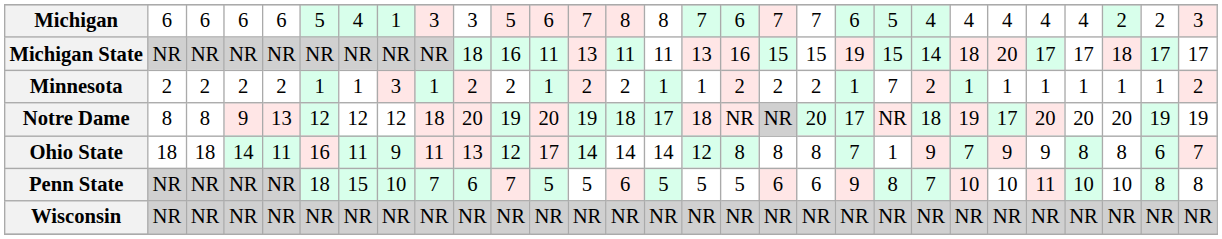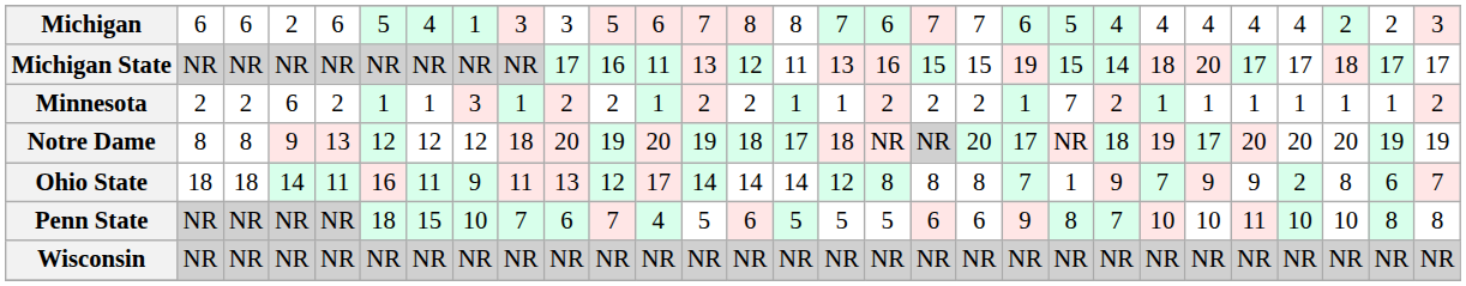 <table class="wikitable sortable" style="text-align: center;">
 <tr>
 </tr>
 <tr bgcolor=d0d0d0>
 <th>Michigan</th>
 <td bgcolor=ffffff>6</td>
 <td bgcolor=ffffff>6</td>
-<td bgcolor=ffffff>6</td>
+<td bgcolor=ffffff>2</td>
 <td bgcolor=ffffff>6</td>
 <td bgcolor=D8FFEB>5</td>
 <td bgcolor=D8FFEB>4</td>
 <td bgcolor=D8FFEB>1</td>
 <td bgcolor=FFE6E6>3</td>
 <td bgcolor=FFFFFF>3</td>
 <td bgcolor=FFE6E6>5</td>
 <td bgcolor=FFE6E6>6</td>
 <td bgcolor=FFE6E6>7</td>
 <td bgcolor=FFE6E6>8</td>
 <td bgcolor=FFFFFF>8</td>
 <td bgcolor=D8FFEB>7</td>
 <td bgcolor=D8FFEB>6</td>
 <td bgcolor=FFE6E6>7</td>
 <td bgcolor=FFFFFF>7</td>
 <td bgcolor=D8FFEB>6</td>
 <td bgcolor=D8FFEB>5</td>
 <td bgcolor=D8FFEB>4</td>
 <td bgcolor=FFFFFF>4</td>
 <td bgcolor=FFFFFF>4</td>
 <td bgcolor=FFFFFF>4</td>
 <td bgcolor=FFFFFF>4</td>
 <td bgcolor=D8FFEB>2</td>
 <td bgcolor=ffffff>2</td>
 <td bgcolor=FFE6E6>3</td>
 </tr>
 <tr bgcolor=d0d0d0>
 <th>Michigan State</th>
 <td>NR</td>
 <td>NR</td>
 <td>NR</td>
 <td>NR</td>
 <td>NR</td>
 <td>NR</td>
 <td>NR</td>
 <td>NR</td>
-<td bgcolor=D8FFEB>18</td>
+<td bgcolor=D8FFEB>17</td>
 <td bgcolor=D8FFEB>16</td>
 <td bgcolor=D8FFEB>11</td>
 <td bgcolor=FFE6E6>13</td>
-<td bgcolor=D8FFEB>11</td>
+<td bgcolor=D8FFEB>12</td>
 <td bgcolor=FFFFFF>11</td>
 <td bgcolor=FFE6E6>13</td>
 <td bgcolor=FFE6E6>16</td>
 <td bgcolor=D8FFEB>15</td>
 <td bgcolor=ffffff>15</td>
 <td bgcolor=FFE6E6>19</td>
 <td bgcolor=D8FFEB>15</td>
 <td bgcolor=D8FFEB>14</td>
 <td bgcolor=FFE6E6>18</td>
 <td bgcolor=FFE6E6>20</td>
 <td bgcolor=D8FFEB>17</td>
 <td bgcolor=FFFFFF>17</td>
 <td bgcolor=FFE6E6>18</td>
 <td bgcolor=D8FFEB>17</td>
 <td bgcolor=FFFFFF>17</td>
 </tr>
 <tr bgcolor=d0d0d0>
 <th>Minnesota</th>
 <td bgcolor=ffffff>2</td>
 <td bgcolor=ffffff>2</td>
-<td bgcolor=ffffff>2</td>
+<td bgcolor=ffffff>6</td>
 <td bgcolor=ffffff>2</td>
 <td bgcolor=D8FFEB>1</td>
 <td bgcolor=ffffff>1</td>
 <td bgcolor=FFE6E6>3</td>
 <td bgcolor=D8FFEB>1</td>
 <td bgcolor=FFE6E6>2</td>
 <td bgcolor=ffffff>2</td>
 <td bgcolor=D8FFEB>1</td>
 <td bgcolor=FFE6E6>2</td>
 <td bgcolor=ffffff>2</td>
 <td bgcolor=D8FFEB>1</td>
 <td bgcolor=ffffff>1</td>
 <td bgcolor=FFE6E6>2</td>
 <td bgcolor=ffffff>2</td>
 <td bgcolor=ffffff>2</td>
 <td bgcolor=D8FFEB>1</td>
 <td bgcolor=ffffff>7</td>
 <td bgcolor=FFE6E6>2</td>
 <td bgcolor=D8FFEB>1</td>
 <td bgcolor=ffffff>1</td>
 <td bgcolor=ffffff>1</td>
 <td bgcolor=ffffff>1</td>
 <td bgcolor=ffffff>1</td>
 <td bgcolor=ffffff>1</td>
 <td bgcolor=FFE6E6>2</td>
 </tr>
 <tr bgcolor=d0d0d0>
 <th>Notre Dame</th>
 <td bgcolor=ffffff>8</td>
 <td bgcolor=ffffff>8</td>
 <td bgcolor=FFE6E6>9</td>
 <td bgcolor=FFE6E6>13</td>
 <td bgcolor=D8FFEB>12</td>
 <td bgcolor=ffffff>12</td>
 <td bgcolor=ffffff>12</td>
 <td bgcolor=FFE6E6>18</td>
 <td bgcolor=FFE6E6>20</td>
 <td bgcolor=D8FFEB>19</td>
 <td bgcolor=FFE6E6>20</td>
 <td bgcolor=D8FFEB>19</td>
 <td bgcolor=D8FFEB>18</td>
 <td bgcolor=D8FFEB>17</td>
 <td bgcolor=FFE6E6>18</td>
 <td bgcolor=FFE6E6>NR</td>
 <td>NR</td>
 <td bgcolor=D8FFEB>20</td>
 <td bgcolor=D8FFEB>17</td>
 <td bgcolor=FFE6E6>NR</td>
 <td bgcolor=D8FFEB>18</td>
 <td bgcolor=FFE6E6>19</td>
 <td bgcolor=D8FFEB>17</td>
 <td bgcolor=FFE6E6>20</td>
 <td bgcolor=ffffff>20</td>
 <td bgcolor=ffffff>20</td>
 <td bgcolor=D8FFEB>19</td>
 <td bgcolor=ffffff>19</td>
 </tr>
 <tr bgcolor=d0d0d0>
 <th>Ohio State</th>
 <td bgcolor=ffffff>18</td>
 <td bgcolor=ffffff>18</td>
 <td bgcolor=D8FFEB>14</td>
 <td bgcolor=D8FFEB>11</td>
 <td bgcolor=FFE6E6>16</td>
 <td bgcolor=D8FFEB>11</td>
 <td bgcolor=D8FFEB>9</td>
 <td bgcolor=FFE6E6>11</td>
 <td bgcolor=FFE6E6>13</td>
 <td bgcolor=D8FFEB>12</td>
 <td bgcolor=FFE6E6>17</td>
 <td bgcolor=D8FFEB>14</td>
 <td bgcolor=ffffff>14</td>
 <td bgcolor=ffffff>14</td>
 <td bgcolor=D8FFEB>12</td>
 <td bgcolor=D8FFEB>8</td>
 <td bgcolor=ffffff>8</td>
 <td bgcolor=ffffff>8</td>
 <td bgcolor=D8FFEB>7</td>
 <td bgcolor=ffffff>1</td>
 <td bgcolor=FFE6E6>9</td>
 <td bgcolor=D8FFEB>7</td>
 <td bgcolor=FFE6E6>9</td>
 <td bgcolor=ffffff>9</td>
-<td bgcolor=D8FFEB>8</td>
+<td bgcolor=D8FFEB>2</td>
 <td bgcolor=ffffff>8</td>
 <td bgcolor=D8FFEB>6</td>
 <td bgcolor=FFE6E6>7</td>
 </tr>
 <tr bgcolor=d0d0d0>
 <th>Penn State</th>
 <td>NR</td>
 <td>NR</td>
 <td>NR</td>
 <td>NR</td>
 <td bgcolor=D8FFEB>18</td>
 <td bgcolor=D8FFEB>15</td>
 <td bgcolor=D8FFEB>10</td>
 <td bgcolor=D8FFEB>7</td>
 <td bgcolor=D8FFEB>6</td>
 <td bgcolor=FFE6E6>7</td>
-<td bgcolor=D8FFEB>5</td>
+<td bgcolor=D8FFEB>4</td>
 <td bgcolor=ffffff>5</td>
 <td bgcolor=FFE6E6>6</td>
 <td bgcolor=D8FFEB>5</td>
 <td bgcolor=ffffff>5</td>
 <td bgcolor=ffffff>5</td>
 <td bgcolor=FFE6E6>6</td>
 <td bgcolor=ffffff>6</td>
 <td bgcolor=FFE6E6>9</td>
 <td bgcolor=D8FFEB>8</td>
 <td bgcolor=D8FFEB>7</td>
 <td bgcolor=FFE6E6>10</td>
 <td bgcolor=ffffff>10</td>
 <td bgcolor=FFE6E6>11</td>
 <td bgcolor=D8FFEB>10</td>
 <td bgcolor=ffffff>10</td>
 <td bgcolor=D8FFEB>8</td>
 <td bgcolor=ffffff>8</td>
 </tr>
 <tr bgcolor=d0d0d0>
 <th>Wisconsin</th>
 <td>NR</td>
 <td>NR</td>
 <td>NR</td>
 <td>NR</td>
 <td>NR</td>
 <td>NR</td>
 <td>NR</td>
 <td>NR</td>
 <td>NR</td>
 <td>NR</td>
 <td>NR</td>
 <td>NR</td>
 <td>NR</td>
 <td>NR</td>
 <td>NR</td>
 <td>NR</td>
 <td>NR</td>
 <td>NR</td>
 <td>NR</td>
 <td>NR</td>
 <td>NR</td>
 <td>NR</td>
 <td>NR</td>
 <td>NR</td>
 <td>NR</td>
 <td>NR</td>
 <td>NR</td>
 <td>NR</td>
 </tr>
 <tr>
 </tr>
 </table>
